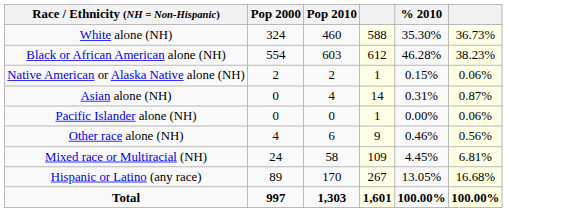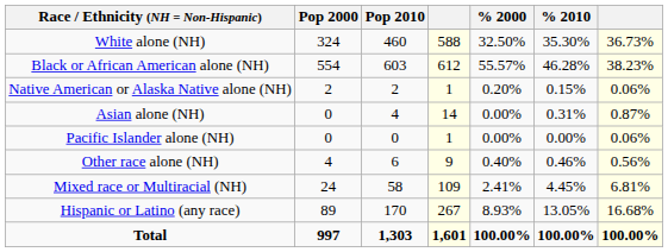 <table class="wikitable"  style="text-align:center;">
 <tr>
 <th>Race / Ethnicity <small>(<em>NH = Non-Hispanic</em>)</small></th>
 <th>Pop 2000</th>
 <th>Pop 2010</th>
 <th></th>
+<th>% 2000</th>
 <th>% 2010</th>
 <th></th>
 </tr>
 <tr>
 <td><a href='#'>White</a> alone (NH)</td>
 <td>324</td>
 <td>460</td>
 <td style='background: #ffffe6;'>588</td>
+<td>32.50%</td>
 <td>35.30%</td>
 <td style='background: #ffffe6;'>36.73%</td>
 </tr>
 <tr>
 <td><a href='#'>Black or African American</a> alone (NH)</td>
 <td>554</td>
 <td>603</td>
 <td style='background: #ffffe6;'>612</td>
+<td>55.57%</td>
 <td>46.28%</td>
 <td style='background: #ffffe6;'>38.23%</td>
 </tr>
 <tr>
 <td><a href='#'>Native American</a> or <a href='#'>Alaska Native</a> alone (NH)</td>
 <td>2</td>
 <td>2</td>
 <td style='background: #ffffe6;'>1</td>
+<td>0.20%</td>
 <td>0.15%</td>
 <td style='background: #ffffe6;'>0.06%</td>
 </tr>
 <tr>
 <td><a href='#'>Asian</a> alone (NH)</td>
 <td>0</td>
 <td>4</td>
 <td style='background: #ffffe6;'>14</td>
+<td>0.00%</td>
 <td>0.31%</td>
 <td style='background: #ffffe6;'>0.87%</td>
 </tr>
 <tr>
 <td><a href='#'>Pacific Islander</a> alone (NH)</td>
 <td>0</td>
 <td>0</td>
 <td style='background: #ffffe6;'>1</td>
 <td>0.00%</td>
+<td>0.00%</td>
 <td style='background: #ffffe6;'>0.06%</td>
 </tr>
 <tr>
 <td><a href='#'>Other race</a> alone (NH)</td>
 <td>4</td>
 <td>6</td>
 <td style='background: #ffffe6;'>9</td>
+<td>0.40%</td>
 <td>0.46%</td>
 <td style='background: #ffffe6;'>0.56%</td>
 </tr>
 <tr>
 <td><a href='#'>Mixed race or Multiracial</a> (NH)</td>
 <td>24</td>
 <td>58</td>
 <td style='background: #ffffe6;'>109</td>
+<td>2.41%</td>
 <td>4.45%</td>
 <td style='background: #ffffe6;'>6.81%</td>
 </tr>
 <tr>
 <td><a href='#'>Hispanic or Latino</a> (any race)</td>
 <td>89</td>
 <td>170</td>
 <td style='background: #ffffe6;'>267</td>
+<td>8.93%</td>
 <td>13.05%</td>
 <td style='background: #ffffe6;'>16.68%</td>
 </tr>
 <tr>
 <td><strong>Total</strong></td>
 <td><strong>997</strong></td>
 <td><strong>1,303</strong></td>
 <td style='background: #ffffe6;'><strong>1,601</strong></td>
 <td><strong>100.00%</strong></td>
+<td><strong>100.00%</strong></td>
 <td style='background: #ffffe6;'><strong>100.00%</strong></td>
 </tr>
 </table>
